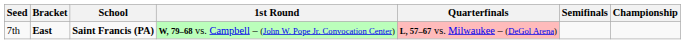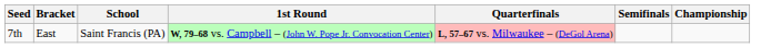 <table class="sortable wikitable" style="white-space:nowrap; font-size:90%;">
 <tr>
 <th>Seed</th>
 <th>Bracket</th>
 <th>School</th>
 <th>1st Round</th>
 <th>Quarterfinals</th>
 <th>Semifinals</th>
 <th>Championship</th>
 </tr>
 <tr>
 <td>7th</td>
-<td><strong>East</strong></td>
-<td><strong>Saint Francis (PA)</strong></td>
+<td>East</td>
+<td>Saint Francis (PA)</td>
 <td style="background:#bfb;"><small><strong>W, 79–68</strong></small> vs. <a href='#'>Campbell</a> – <small>(<a href='#'>John W. Pope Jr. Convocation Center</a>)</small></td>
 <td style="background:#fbb;"><small><strong>L, 57–67</strong></small> vs. <a href='#'>Milwaukee</a> – <small>(<a href='#'>DeGol Arena</a>)</small></td>
 <td></td>
 </tr>
 </table>
